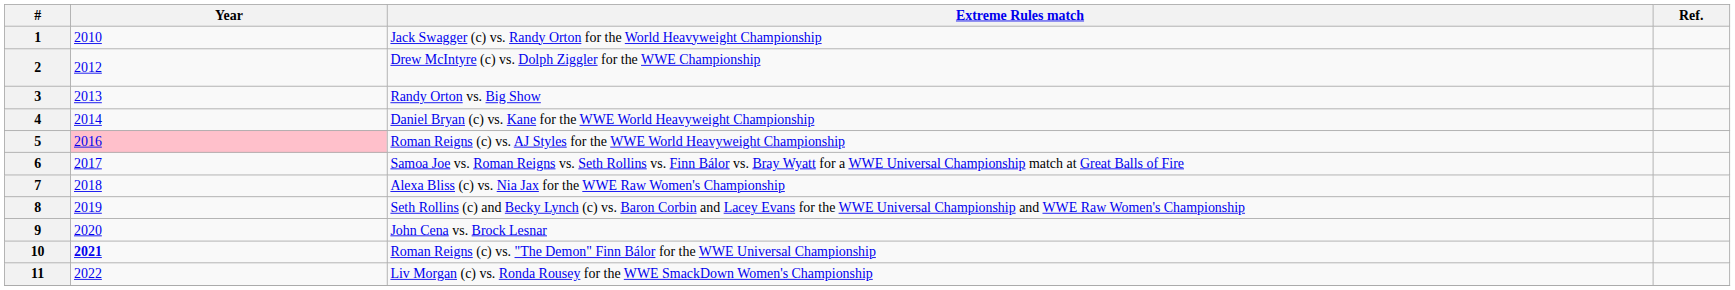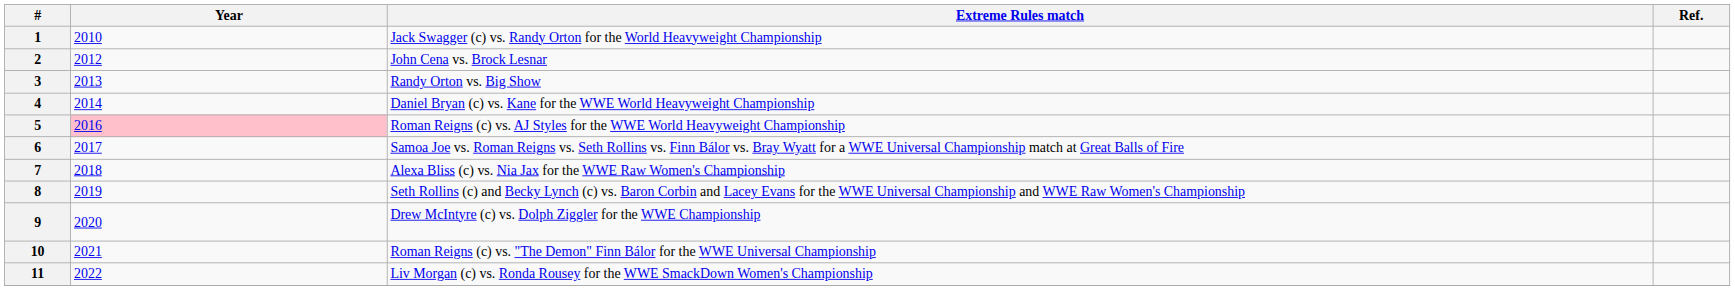 <table class="wikitable" width="100%">
 <tr>
 <th width="1%">#</th>
 <th width="5%">Year</th>
 <th width="20%"><a href='#'>Extreme Rules match</a></th>
 <th width="1%">Ref.</th>
 </tr>
 <tr>
 <th>1</th>
 <td><a href='#'>2010</a></td>
 <td><a href='#'>Jack Swagger</a> (c) vs. <a href='#'>Randy Orton</a> for the <a href='#'>World Heavyweight Championship</a></td>
 <td></td>
 </tr>
 <tr>
 <th>2</th>
 <td><a href='#'>2012</a></td>
-<td><a href='#'>Drew McIntyre</a> (c) vs. <a href='#'>Dolph Ziggler</a> for the <a href='#'>WWE Championship</a><br><br></td>
+<td><a href='#'>John Cena</a> vs. <a href='#'>Brock Lesnar</a></td>
 <td></td>
 </tr>
 <tr>
 <th>3</th>
 <td><a href='#'>2013</a></td>
 <td><a href='#'>Randy Orton</a> vs. <a href='#'>Big Show</a></td>
 <td></td>
 </tr>
 <tr>
 <th>4</th>
 <td><a href='#'>2014</a></td>
 <td><a href='#'>Daniel Bryan</a> (c) vs. <a href='#'>Kane</a> for the <a href='#'>WWE World Heavyweight Championship</a></td>
 <td></td>
 </tr>
 <tr>
 <th>5</th>
 <td style="background: pink;"><a href='#'>2016</a></td>
 <td><a href='#'>Roman Reigns</a> (c) vs. <a href='#'>AJ Styles</a> for the <a href='#'>WWE World Heavyweight Championship</a></td>
 <td></td>
 </tr>
 <tr>
 <th>6</th>
 <td><a href='#'>2017</a></td>
 <td><a href='#'>Samoa Joe</a> vs. <a href='#'>Roman Reigns</a> vs. <a href='#'>Seth Rollins</a> vs. <a href='#'>Finn Bálor</a> vs. <a href='#'>Bray Wyatt</a> for a <a href='#'>WWE Universal Championship</a> match at <a href='#'>Great Balls of Fire</a></td>
 <td></td>
 </tr>
 <tr>
 <th>7</th>
 <td><a href='#'>2018</a></td>
 <td><a href='#'>Alexa Bliss</a> (c) vs. <a href='#'>Nia Jax</a> for the <a href='#'>WWE Raw Women's Championship</a></td>
 <td></td>
 </tr>
 <tr>
 <th>8</th>
 <td><a href='#'>2019</a></td>
 <td><a href='#'>Seth Rollins</a> (c) and <a href='#'>Becky Lynch</a> (c) vs. <a href='#'>Baron Corbin</a> and <a href='#'>Lacey Evans</a> for the <a href='#'>WWE Universal Championship</a> and <a href='#'>WWE Raw Women's Championship</a><br></td>
 <td></td>
 </tr>
 <tr>
 <th>9</th>
 <td><a href='#'>2020</a></td>
-<td><a href='#'>John Cena</a> vs. <a href='#'>Brock Lesnar</a></td>
+<td><a href='#'>Drew McIntyre</a> (c) vs. <a href='#'>Dolph Ziggler</a> for the <a href='#'>WWE Championship</a><br><br></td>
 <td></td>
 </tr>
 <tr>
 <th>10</th>
-<td><strong><a href='#'>2021</a></strong></td>
+<td><a href='#'>2021</a></td>
 <td><a href='#'>Roman Reigns</a> (c) vs. <a href='#'>"The Demon" Finn Bálor</a> for the <a href='#'>WWE Universal Championship</a></td>
 <td></td>
 </tr>
 <tr>
 <th>11</th>
 <td><a href='#'>2022</a></td>
 <td><a href='#'>Liv Morgan</a> (c) vs. <a href='#'>Ronda Rousey</a> for the <a href='#'>WWE SmackDown Women's Championship</a></td>
 <td></td>
 </tr>
 <tr>
 </tr>
 </table>
